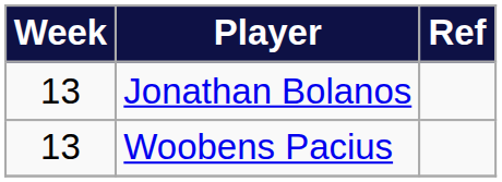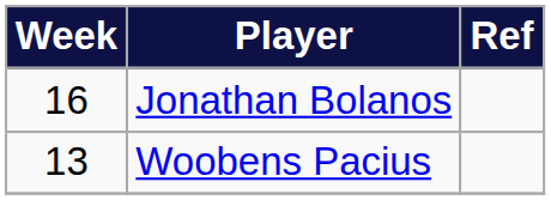 <table class=wikitable>
 <tr>
 <th style="background:#0E1145; color:#FFFFFF;">Week</th>
 <th style="background:#0E1145; color:#FFFFFF;">Player</th>
 <th style="background:#0E1145; color:#FFFFFF;">Ref</th>
 </tr>
 <tr>
-<td align=center>13</td>
+<td align=center>16</td>
 <td> <a href='#'>Jonathan Bolanos</a></td>
 <td align=center></td>
 </tr>
 <tr>
 <td align=center>13</td>
 <td> <a href='#'>Woobens Pacius</a></td>
 <td align=center></td>
 </tr>
 <tr>
 </tr>
 </table>
